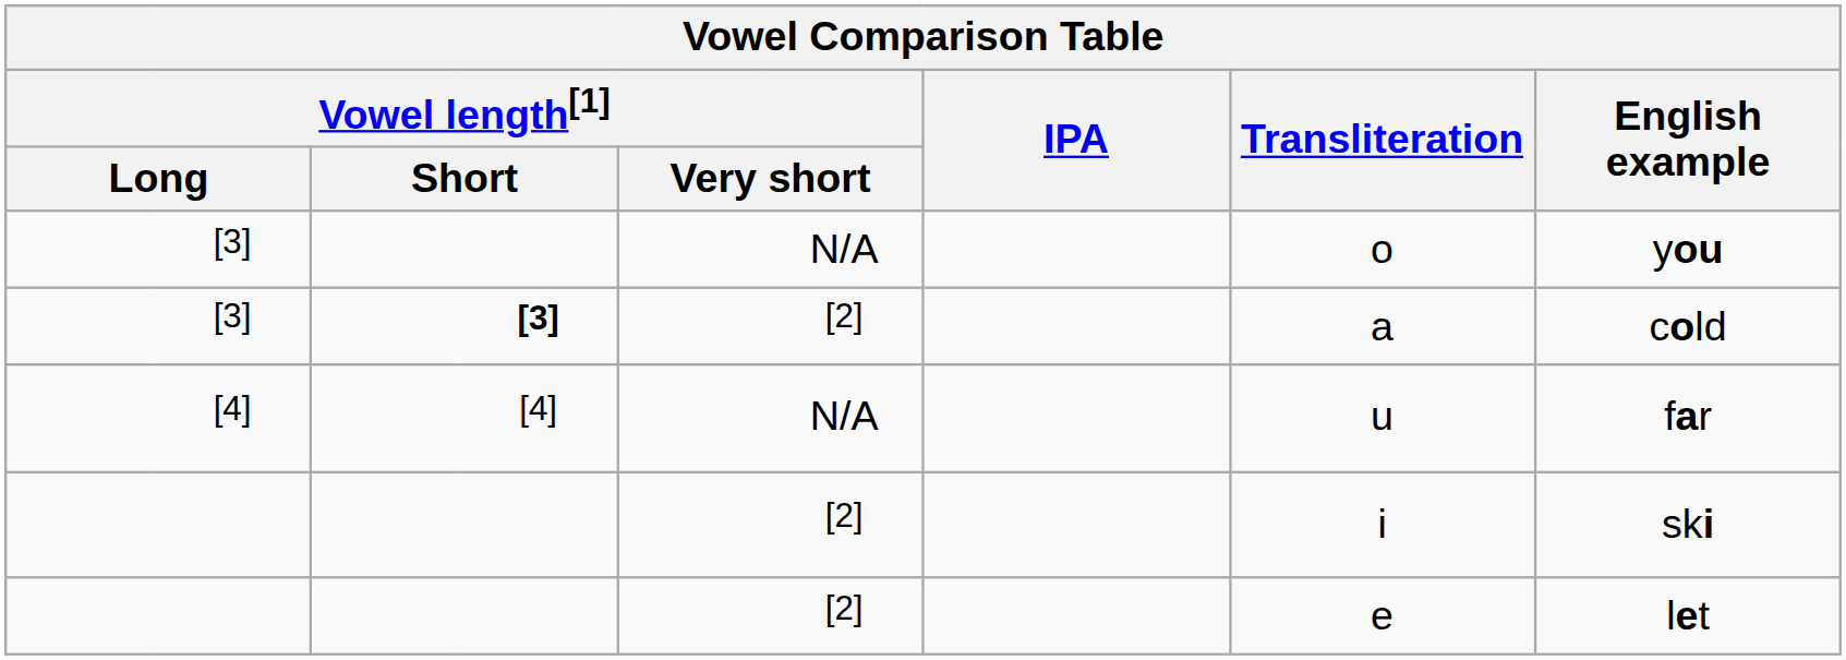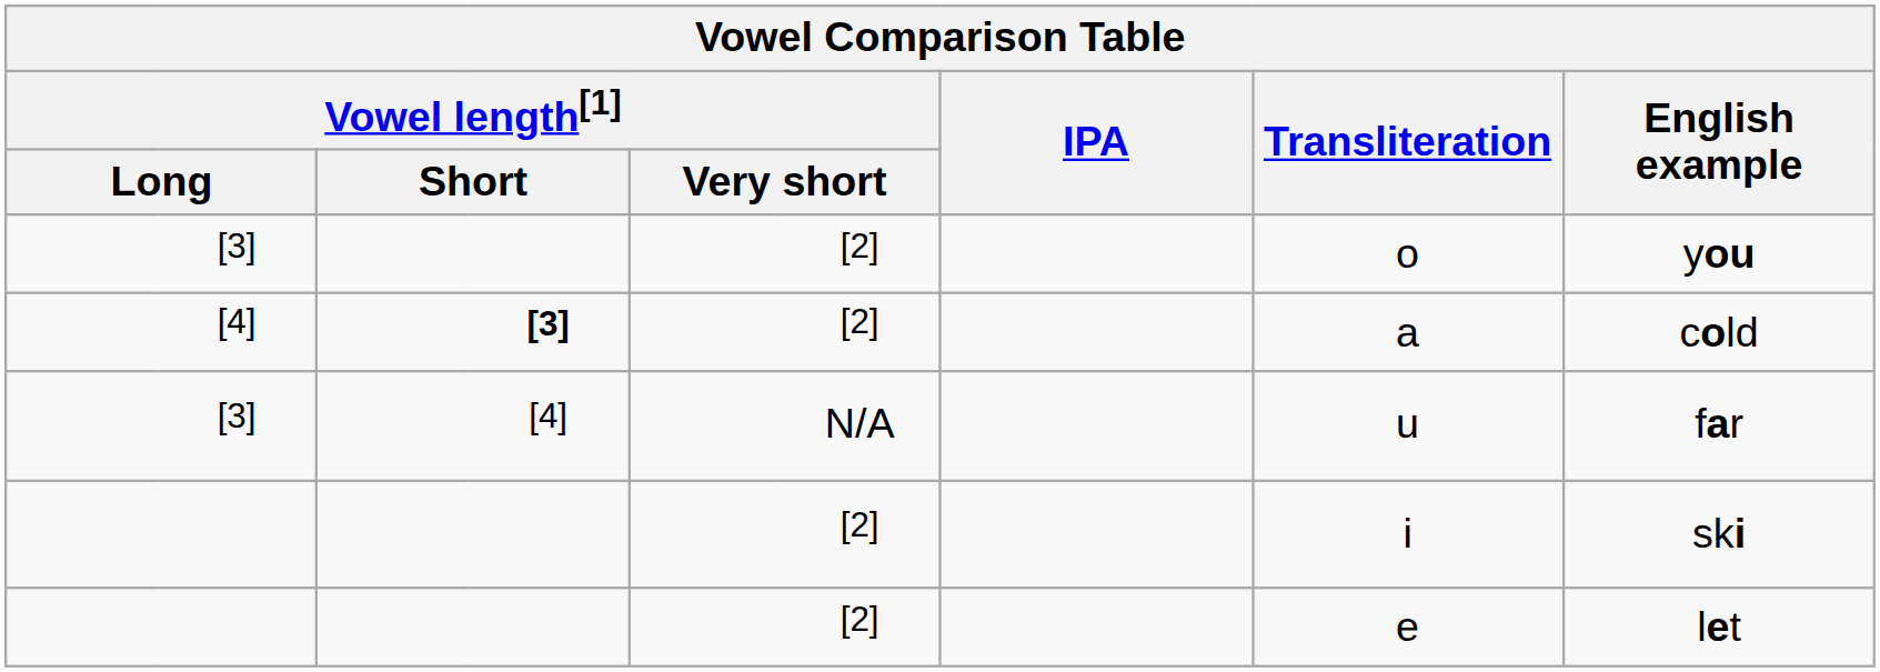 <table class="wikitable noresize">
 <tr>
 <th colspan="9">Vowel Comparison Table</th>
 </tr>
 <tr>
 <th colspan="6" style="width:21em"><a href='#'>Vowel length</a><sup>[1]</sup></th>
 <th rowspan="2" style="width:7em"><a href='#'>IPA</a></th>
 <th rowspan="2" style="width:7em"><a href='#'>Transliteration</a></th>
 <th rowspan="2" style="width:7em">English<br>example</th>
 </tr>
 <tr>
 <th colspan="2" style="width:7em">Long</th>
 <th colspan="2" style="width:7em">Short</th>
 <th colspan="2" style="width:7em">Very short</th>
 </tr>
 <tr align="center">
 <td style="font-size:24px;line-height:1.3em;width:2em;border-right:hidden"></td>
 <td><sup>[3]</sup></td>
 <td style="font-size:24px;line-height:1.3em;width:2em;border-right:hidden"></td>
 <td> </td>
 <td style="font-size:24px;line-height:1.3em;width:2em;border-right:hidden"></td>
-<td><span>N/A</span></td>
+<td><sup>[2]</sup></td>
 <td><span></span></td>
 <td>o</td>
 <td>y<strong>ou</strong></td>
 </tr>
 <tr align="center">
 <td style="font-size:24px;line-height:1.3em;width:2em;border-right:hidden"></td>
-<td><sup>[3]</sup></td>
+<td><sup>[4]</sup></td>
 <td style="font-size:24px;line-height:1.3em;width:2em;border-right:hidden"></td>
 <td><strong><sup>[3]</sup></strong></td>
 <td style="font-size:24px;line-height:1.3em;width:2em;border-right:hidden"></td>
 <td><sup>[2]</sup></td>
 <td><span></span></td>
 <td>a</td>
 <td>c<strong>o</strong>ld</td>
 </tr>
 <tr align="center">
 <td style="font-size:24px;line-height:1.3em;width:2em;border-right:hidden"></td>
-<td><sup>[4]</sup></td>
+<td><sup>[3]</sup></td>
 <td style="font-size:24px;line-height:1.3em;width:2em;border-right:hidden"></td>
 <td><sup>[4]</sup></td>
 <td style="font-size:24px;line-height:1.3em;width:2em;border-right:hidden"> </td>
 <td><span>N/A</span></td>
 <td><span></span></td>
 <td>u</td>
 <td>f<strong>a</strong>r</td>
 </tr>
 <tr align="center">
 <td style="font-size:24px;line-height:1.3em;width:2em;border-right:hidden"></td>
 <td> </td>
 <td style="font-size:24px;line-height:1.3em;width:2em;border-right:hidden"></td>
 <td> </td>
 <td style="font-size:24px;line-height:1.3em;width:2em;border-right:hidden"> </td>
 <td><sup>[2]</sup></td>
 <td><span></span></td>
 <td>i</td>
 <td>sk<strong>i</strong></td>
 </tr>
 <tr align="center">
 <td style="font-size:24px;line-height:1.3em;width:2em;border-right:hidden"></td>
 <td> </td>
 <td style="font-size:24px;line-height:1.3em;width:2em;border-right:hidden"></td>
 <td> </td>
 <td style="font-size:24px;line-height:1.3em;width:2em;border-right:hidden"></td>
 <td><sup>[2]</sup></td>
 <td><span></span></td>
 <td>e</td>
 <td>l<strong>e</strong>t</td>
 </tr>
 </table>
